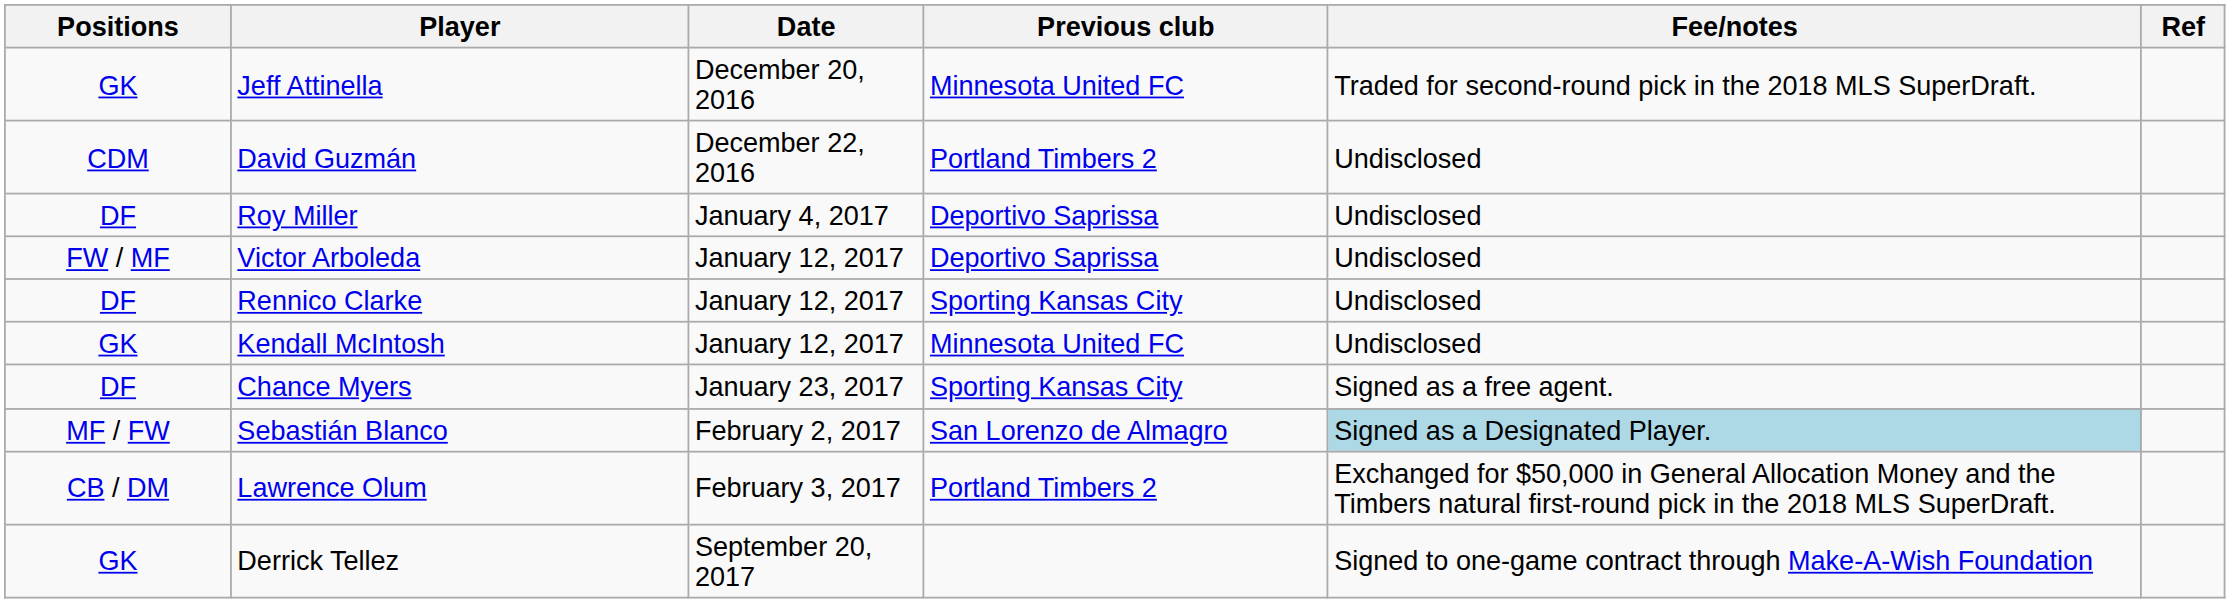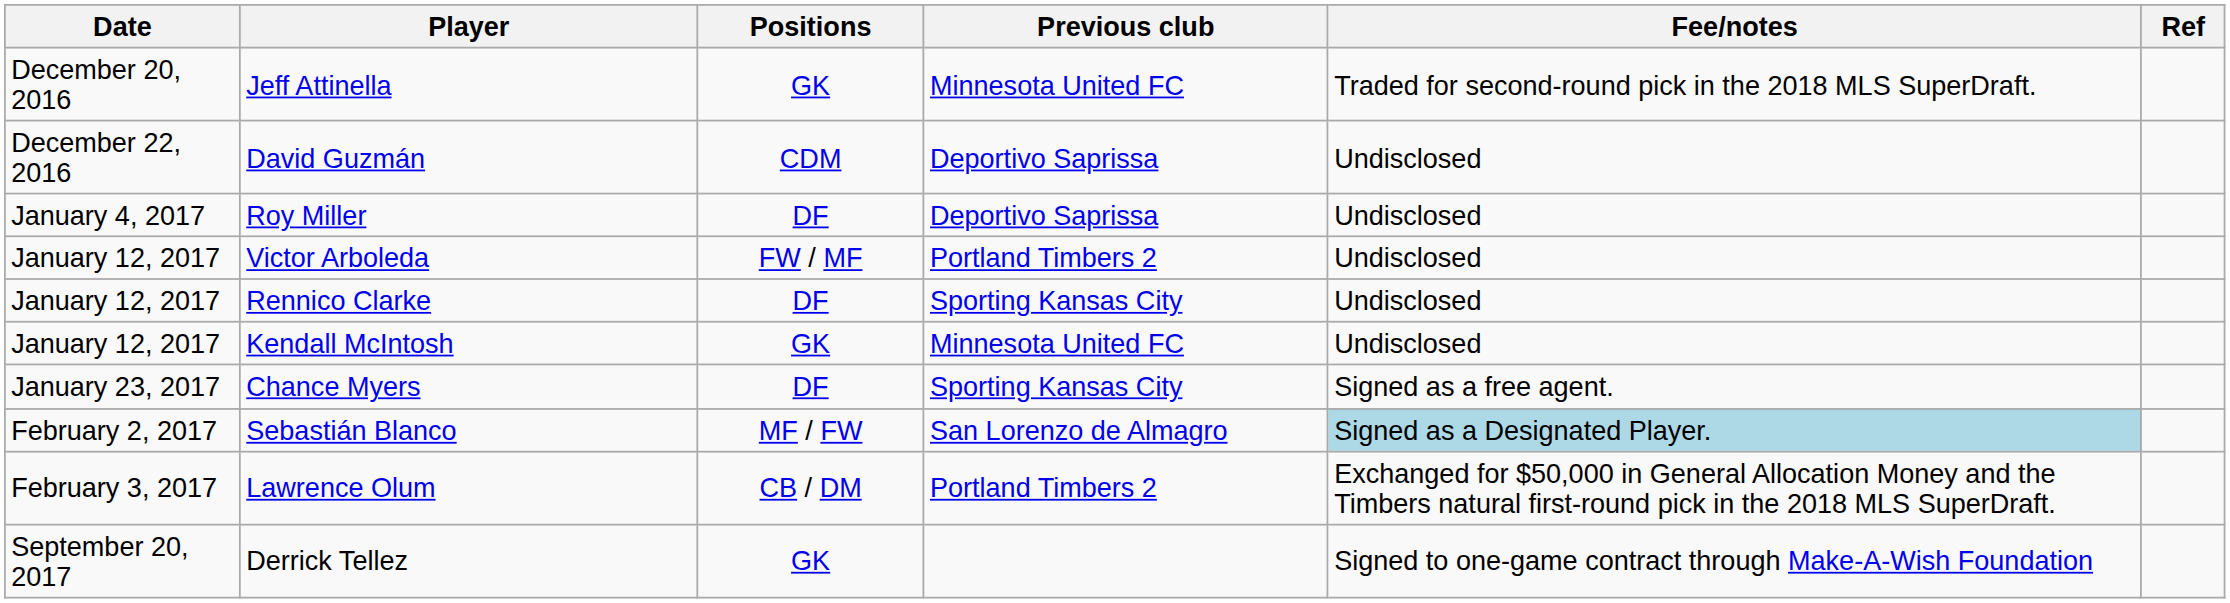 <table class="wikitable" style="text-align:left; font-size:95%;">
 <tr>
+<th style="width:125px;">Date</th>
+<th style="width:250px;">Player</th>
 <th style="width:120px;">Positions</th>
-<th style="width:250px;">Player</th>
-<th style="width:125px;">Date</th>
 <th style="width:220px;">Previous club</th>
 <th style="width:450px;">Fee/notes</th>
 <th style="width:40px;">Ref</th>
 </tr>
 <tr>
+<td>December 20, 2016</td>
+<td> <a href='#'>Jeff Attinella</a></td>
 <td style="text-align:center;"><a href='#'>GK</a></td>
-<td> <a href='#'>Jeff Attinella</a></td>
-<td>December 20, 2016</td>
 <td> <a href='#'>Minnesota United FC</a></td>
 <td>Traded for second-round pick in the 2018 MLS SuperDraft.</td>
 <td></td>
 </tr>
 <tr>
+<td>December 22, 2016</td>
+<td> <a href='#'>David Guzmán</a></td>
 <td style="text-align:center;"><a href='#'>CDM</a></td>
-<td> <a href='#'>David Guzmán</a></td>
-<td>December 22, 2016</td>
+<td> <a href='#'>Deportivo Saprissa</a></td>
+<td>Undisclosed</td>
+<td></td>
+</tr>
+<tr>
+<td>January 4, 2017</td>
+<td> <a href='#'>Roy Miller</a></td>
+<td style="text-align:center;"><a href='#'>DF</a></td>
+<td> <a href='#'>Deportivo Saprissa</a></td>
+<td>Undisclosed</td>
+<td></td>
+</tr>
+<tr>
+<td>January 12, 2017</td>
+<td> <a href='#'>Victor Arboleda</a></td>
+<td style="text-align:center;"><a href='#'>FW</a> / <a href='#'>MF</a></td>
 <td> <a href='#'>Portland Timbers 2</a></td>
 <td>Undisclosed</td>
 <td></td>
 </tr>
 <tr>
+<td>January 12, 2017</td>
+<td> <a href='#'>Rennico Clarke</a></td>
 <td style="text-align:center;"><a href='#'>DF</a></td>
-<td> <a href='#'>Roy Miller</a></td>
-<td>January 4, 2017</td>
-<td> <a href='#'>Deportivo Saprissa</a></td>
-<td>Undisclosed</td>
-<td></td>
-</tr>
-<tr>
-<td style="text-align:center;"><a href='#'>FW</a> / <a href='#'>MF</a></td>
-<td> <a href='#'>Victor Arboleda</a></td>
-<td>January 12, 2017</td>
-<td> <a href='#'>Deportivo Saprissa</a></td>
-<td>Undisclosed</td>
-<td></td>
-</tr>
-<tr>
-<td style="text-align:center;"><a href='#'>DF</a></td>
-<td> <a href='#'>Rennico Clarke</a></td>
-<td>January 12, 2017</td>
 <td> <a href='#'>Sporting Kansas City</a></td>
 <td>Undisclosed</td>
 <td></td>
 </tr>
 <tr>
+<td>January 12, 2017</td>
+<td> <a href='#'>Kendall McIntosh</a></td>
 <td style="text-align:center;"><a href='#'>GK</a></td>
-<td> <a href='#'>Kendall McIntosh</a></td>
-<td>January 12, 2017</td>
 <td> <a href='#'>Minnesota United FC</a></td>
 <td>Undisclosed</td>
 <td></td>
 </tr>
 <tr>
+<td>January 23, 2017</td>
+<td> <a href='#'>Chance Myers</a></td>
 <td style="text-align:center;"><a href='#'>DF</a></td>
-<td> <a href='#'>Chance Myers</a></td>
-<td>January 23, 2017</td>
 <td> <a href='#'>Sporting Kansas City</a></td>
 <td>Signed as a free agent.</td>
 <td></td>
 </tr>
 <tr>
+<td>February 2, 2017</td>
+<td> <a href='#'>Sebastián Blanco</a></td>
 <td style="text-align:center;"><a href='#'>MF</a> / <a href='#'>FW</a></td>
-<td> <a href='#'>Sebastián Blanco</a></td>
-<td>February 2, 2017</td>
 <td> <a href='#'>San Lorenzo de Almagro</a></td>
 <td style="background: lightblue;">Signed as a Designated Player.</td>
 <td></td>
 </tr>
 <tr>
+<td>February 3, 2017</td>
+<td> <a href='#'>Lawrence Olum</a></td>
 <td style="text-align:center;"><a href='#'>CB</a> / <a href='#'>DM</a></td>
-<td> <a href='#'>Lawrence Olum</a></td>
-<td>February 3, 2017</td>
 <td> <a href='#'>Portland Timbers 2</a></td>
 <td>Exchanged for $50,000 in General Allocation Money and the Timbers natural first-round pick in the 2018 MLS SuperDraft.</td>
 <td></td>
 </tr>
 <tr>
+<td>September 20, 2017</td>
+<td> Derrick Tellez</td>
 <td style="text-align:center;"><a href='#'>GK</a></td>
-<td> Derrick Tellez</td>
-<td>September 20, 2017</td>
 <td></td>
 <td>Signed to one-game contract through <a href='#'>Make-A-Wish Foundation</a></td>
 <td></td>
 </tr>
 </table>
